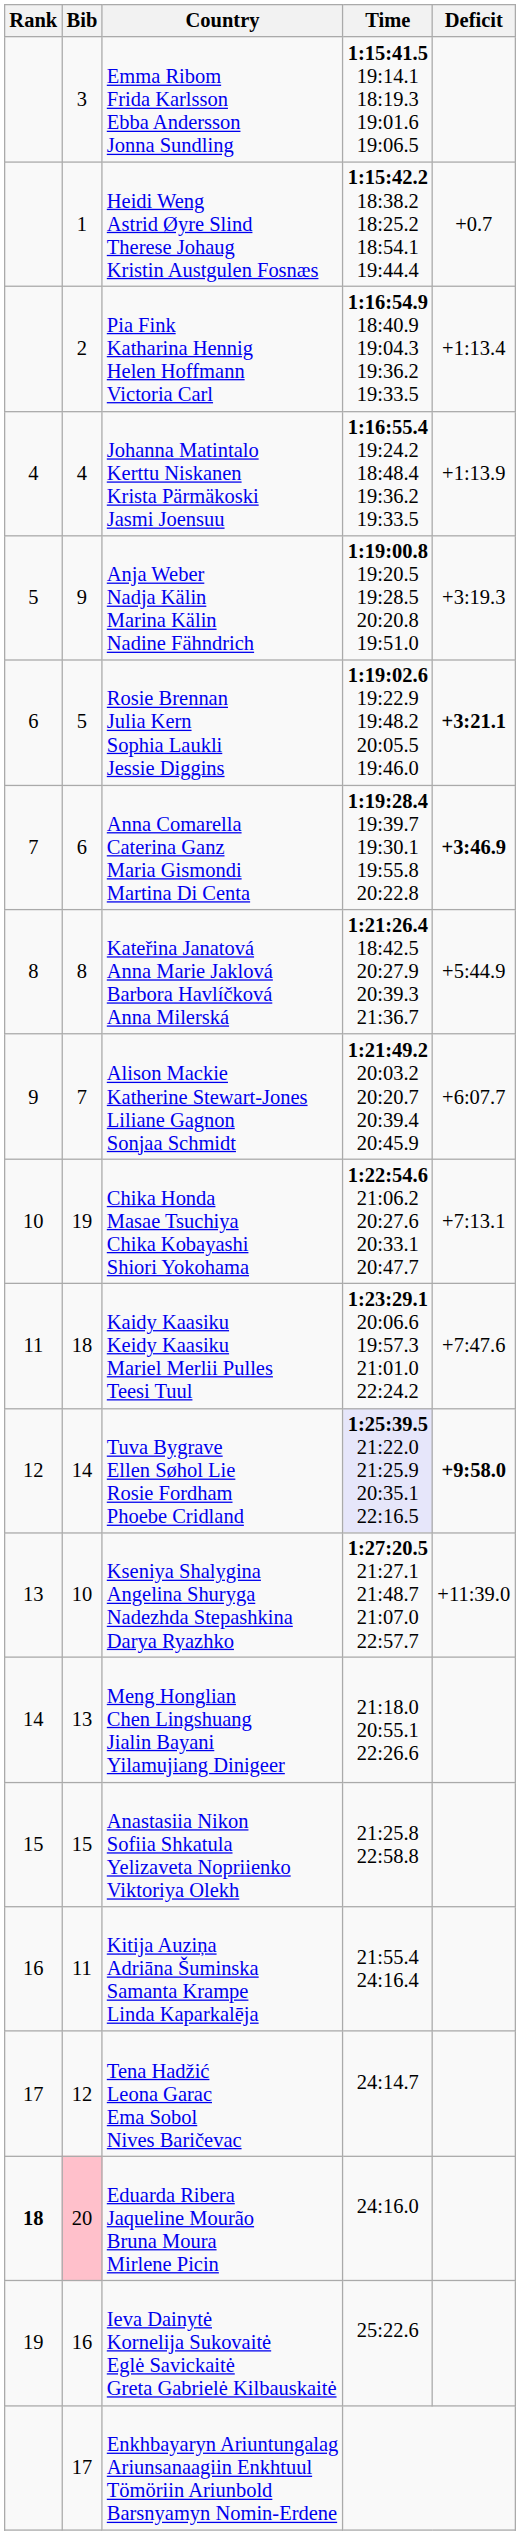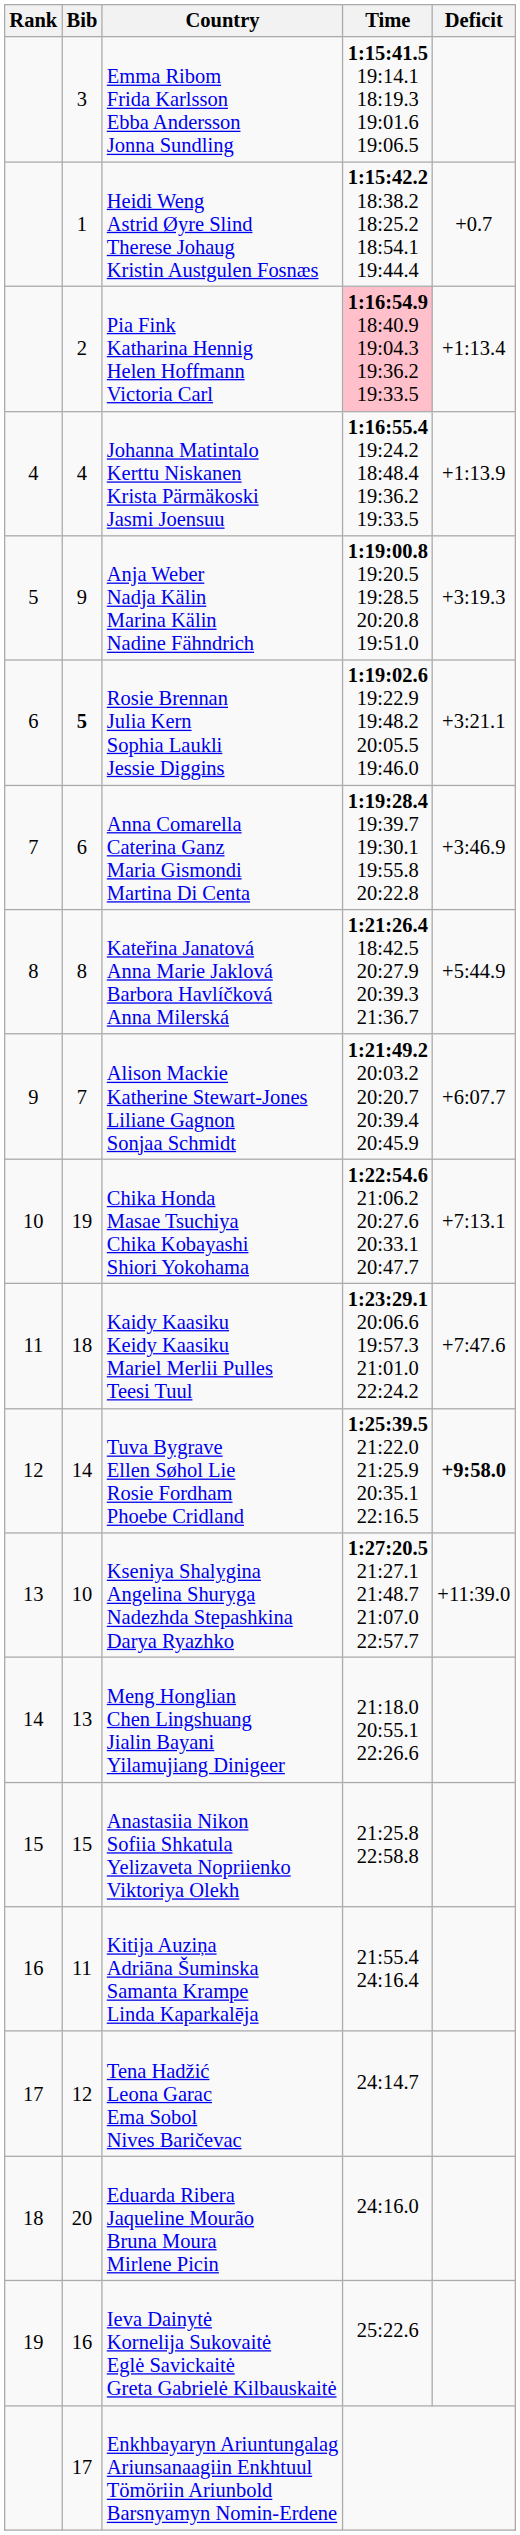 <table class="wikitable sortable" style="text-align:center">
 <tr>
 <th>Rank</th>
 <th>Bib</th>
 <th>Country</th>
 <th>Time</th>
 <th>Deficit</th>
 </tr>
 <tr>
 <td></td>
 <td>3</td>
 <td align=left><br><a href='#'>Emma Ribom</a><br><a href='#'>Frida Karlsson</a><br><a href='#'>Ebba Andersson</a><br><a href='#'>Jonna Sundling</a></td>
 <td><strong>1:15:41.5</strong><br>19:14.1<br>18:19.3<br>19:01.6<br>19:06.5</td>
 <td></td>
 </tr>
 <tr>
 <td></td>
 <td>1</td>
 <td align=left><br><a href='#'>Heidi Weng</a><br><a href='#'>Astrid Øyre Slind</a><br><a href='#'>Therese Johaug</a><br><a href='#'>Kristin Austgulen Fosnæs</a></td>
 <td><strong>1:15:42.2</strong><br>18:38.2<br>18:25.2<br>18:54.1<br>19:44.4</td>
 <td>+0.7</td>
 </tr>
 <tr>
 <td></td>
 <td>2</td>
 <td align=left><br><a href='#'>Pia Fink</a><br><a href='#'>Katharina Hennig</a><br><a href='#'>Helen Hoffmann</a><br><a href='#'>Victoria Carl</a></td>
-<td><strong>1:16:54.9</strong><br>18:40.9<br>19:04.3<br>19:36.2<br>19:33.5</td>
+<td style="background: pink;"><strong>1:16:54.9</strong><br>18:40.9<br>19:04.3<br>19:36.2<br>19:33.5</td>
 <td>+1:13.4</td>
 </tr>
 <tr>
 <td>4</td>
 <td>4</td>
 <td align=left><br><a href='#'>Johanna Matintalo</a><br><a href='#'>Kerttu Niskanen</a><br><a href='#'>Krista Pärmäkoski</a><br><a href='#'>Jasmi Joensuu</a></td>
 <td><strong>1:16:55.4</strong><br>19:24.2<br>18:48.4<br>19:36.2<br>19:33.5</td>
 <td>+1:13.9</td>
 </tr>
 <tr>
 <td>5</td>
 <td>9</td>
 <td align=left><br><a href='#'>Anja Weber</a><br><a href='#'>Nadja Kälin</a><br><a href='#'>Marina Kälin</a><br><a href='#'>Nadine Fähndrich</a></td>
 <td><strong>1:19:00.8</strong><br>19:20.5<br>19:28.5<br>20:20.8<br>19:51.0</td>
 <td>+3:19.3</td>
 </tr>
 <tr>
 <td>6</td>
-<td>5</td>
+<td><strong>5</strong></td>
 <td align=left><br><a href='#'>Rosie Brennan</a><br><a href='#'>Julia Kern</a><br><a href='#'>Sophia Laukli</a><br><a href='#'>Jessie Diggins</a></td>
 <td><strong>1:19:02.6</strong><br>19:22.9<br>19:48.2<br>20:05.5<br>19:46.0</td>
-<td><strong>+3:21.1</strong></td>
+<td>+3:21.1</td>
 </tr>
 <tr>
 <td>7</td>
 <td>6</td>
 <td align=left><br><a href='#'>Anna Comarella</a><br><a href='#'>Caterina Ganz</a><br><a href='#'>Maria Gismondi</a><br><a href='#'>Martina Di Centa</a></td>
 <td><strong>1:19:28.4</strong><br>19:39.7<br>19:30.1<br>19:55.8<br>20:22.8</td>
-<td><strong>+3:46.9</strong></td>
+<td>+3:46.9</td>
 </tr>
 <tr>
 <td>8</td>
 <td>8</td>
 <td align=left><br><a href='#'>Kateřina Janatová</a><br><a href='#'>Anna Marie Jaklová</a><br><a href='#'>Barbora Havlíčková</a><br><a href='#'>Anna Milerská</a></td>
 <td><strong>1:21:26.4</strong><br>18:42.5<br>20:27.9<br>20:39.3<br>21:36.7</td>
 <td>+5:44.9</td>
 </tr>
 <tr>
 <td>9</td>
 <td>7</td>
 <td align=left><br><a href='#'>Alison Mackie</a><br><a href='#'>Katherine Stewart-Jones</a><br><a href='#'>Liliane Gagnon</a><br><a href='#'>Sonjaa Schmidt</a></td>
 <td><strong>1:21:49.2</strong><br>20:03.2<br>20:20.7<br>20:39.4<br>20:45.9</td>
 <td>+6:07.7</td>
 </tr>
 <tr>
 <td>10</td>
 <td>19</td>
 <td align=left><br><a href='#'>Chika Honda</a><br><a href='#'>Masae Tsuchiya</a><br><a href='#'>Chika Kobayashi</a><br><a href='#'>Shiori Yokohama</a></td>
 <td><strong>1:22:54.6</strong><br>21:06.2<br>20:27.6<br>20:33.1<br>20:47.7</td>
 <td>+7:13.1</td>
 </tr>
 <tr>
 <td>11</td>
 <td>18</td>
 <td align=left><br><a href='#'>Kaidy Kaasiku</a><br><a href='#'>Keidy Kaasiku</a><br><a href='#'>Mariel Merlii Pulles</a><br><a href='#'>Teesi Tuul</a></td>
 <td><strong>1:23:29.1</strong><br>20:06.6<br>19:57.3<br>21:01.0<br>22:24.2</td>
 <td>+7:47.6</td>
 </tr>
 <tr>
 <td>12</td>
 <td>14</td>
 <td align=left><br><a href='#'>Tuva Bygrave</a><br><a href='#'>Ellen Søhol Lie</a><br><a href='#'>Rosie Fordham</a><br><a href='#'>Phoebe Cridland</a></td>
-<td style="background: lavender;"><strong>1:25:39.5</strong><br>21:22.0<br>21:25.9<br>20:35.1<br>22:16.5</td>
+<td><strong>1:25:39.5</strong><br>21:22.0<br>21:25.9<br>20:35.1<br>22:16.5</td>
 <td><strong>+9:58.0</strong></td>
 </tr>
 <tr>
 <td>13</td>
 <td>10</td>
 <td align=left><br><a href='#'>Kseniya Shalygina</a><br><a href='#'>Angelina Shuryga</a><br><a href='#'>Nadezhda Stepashkina</a><br><a href='#'>Darya Ryazhko</a></td>
 <td><strong>1:27:20.5</strong><br>21:27.1<br>21:48.7<br>21:07.0<br>22:57.7</td>
 <td>+11:39.0</td>
 </tr>
 <tr>
 <td>14</td>
 <td>13</td>
 <td align=left><br><a href='#'>Meng Honglian</a><br><a href='#'>Chen Lingshuang</a><br><a href='#'>Jialin Bayani</a><br><a href='#'>Yilamujiang Dinigeer</a></td>
 <td><strong></strong><br>21:18.0<br>20:55.1<br>22:26.6<br></td>
 <td></td>
 </tr>
 <tr>
 <td>15</td>
 <td>15</td>
 <td align=left><br><a href='#'>Anastasiia Nikon</a><br><a href='#'>Sofiia Shkatula</a><br><a href='#'>Yelizaveta Nopriienko</a><br><a href='#'>Viktoriya Olekh</a></td>
 <td><strong></strong><br>21:25.8<br>22:58.8<br><br></td>
 <td></td>
 </tr>
 <tr>
 <td>16</td>
 <td>11</td>
 <td align=left><br><a href='#'>Kitija Auziņa</a><br><a href='#'>Adriāna Šuminska</a><br><a href='#'>Samanta Krampe</a><br><a href='#'>Linda Kaparkalēja</a></td>
 <td><strong></strong><br>21:55.4<br>24:16.4<br><br></td>
 <td></td>
 </tr>
 <tr>
 <td>17</td>
 <td>12</td>
 <td align=left><br><a href='#'>Tena Hadžić</a><br><a href='#'>Leona Garac</a><br><a href='#'>Ema Sobol</a><br><a href='#'>Nives Baričevac</a></td>
 <td><strong></strong><br>24:14.7<br><br><br></td>
 <td></td>
 </tr>
 <tr>
-<td><strong>18</strong></td>
-<td style="background: pink;">20</td>
+<td>18</td>
+<td>20</td>
 <td align=left><br><a href='#'>Eduarda Ribera</a><br><a href='#'>Jaqueline Mourão</a><br><a href='#'>Bruna Moura</a><br><a href='#'>Mirlene Picin</a></td>
 <td><strong></strong><br>24:16.0<br><br><br></td>
 <td></td>
 </tr>
 <tr>
 <td>19</td>
 <td>16</td>
 <td align=left><br><a href='#'>Ieva Dainytė</a><br><a href='#'>Kornelija Sukovaitė</a><br><a href='#'>Eglė Savickaitė</a><br><a href='#'>Greta Gabrielė Kilbauskaitė</a></td>
 <td><strong></strong><br>25:22.6<br><br><br></td>
 <td></td>
 </tr>
 <tr>
 <td></td>
 <td>17</td>
 <td align=left><br><a href='#'>Enkhbayaryn Ariuntungalag</a><br><a href='#'>Ariunsanaagiin Enkhtuul</a><br><a href='#'>Tömöriin Ariunbold</a><br><a href='#'>Barsnyamyn Nomin-Erdene</a></td>
 <td colspan=2></td>
 </tr>
 </table>
